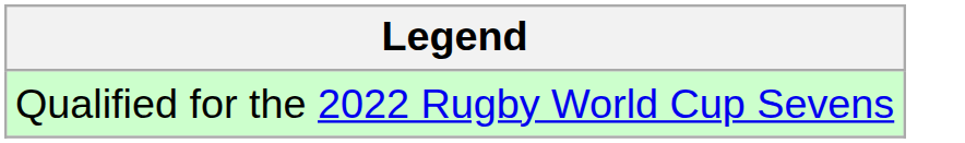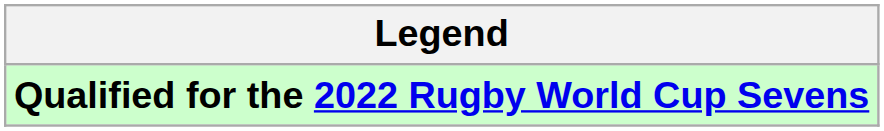 <table class="wikitable">
 <tr>
 <th colspan=2>Legend</th>
 </tr>
 <tr bgcolor="ccffcc">
-<td>Qualified for the <a href='#'>2022 Rugby World Cup Sevens</a></td>
+<td><strong>Qualified for the <a href='#'>2022 Rugby World Cup Sevens</a></strong></td>
 </tr>
 </table>
